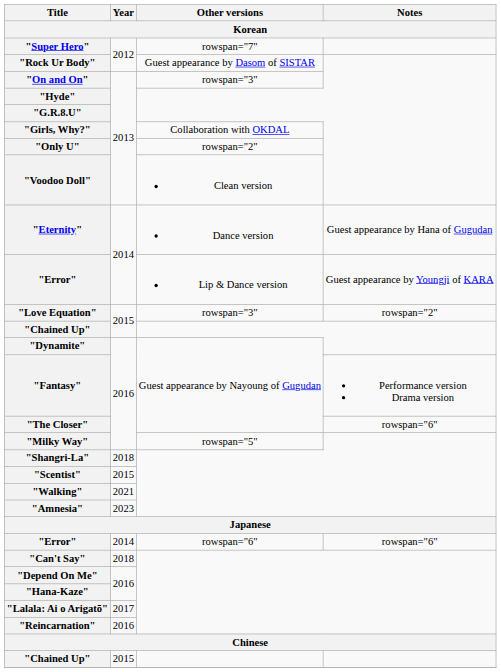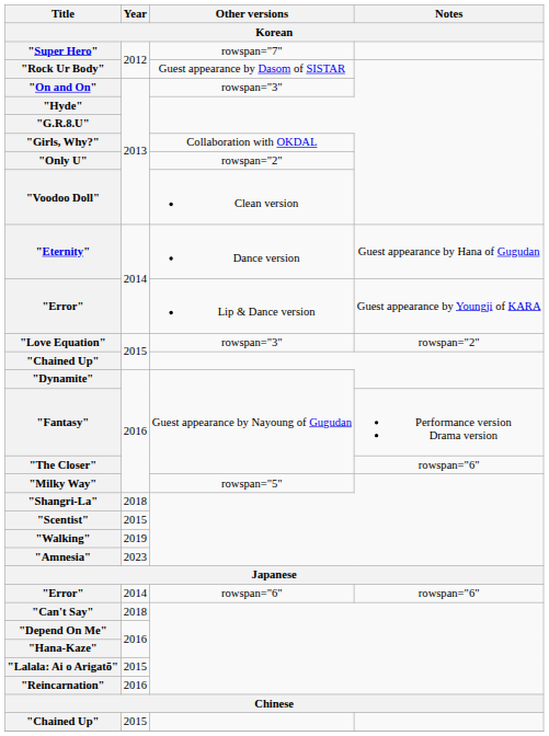 <table class="wikitable plainrowheaders" style="text-align:center">
 <tr>
 <th scope="col">Title</th>
 <th scope="col">Year</th>
 <th scope="col">Other versions</th>
 <th scope="col">Notes</th>
 </tr>
 <tr>
 <th colspan="4">Korean</th>
 </tr>
 <tr>
 <th scope="row">"<a href='#'>Super Hero</a>"</th>
 <td rowspan=2>2012</td>
 <td>rowspan="7" </td>
 <td></td>
 </tr>
 <tr>
 <th scope="row">"Rock Ur Body"</th>
 <td>Guest appearance by <a href='#'>Dasom</a> of <a href='#'>SISTAR</a></td>
 </tr>
 <tr>
 <th scope="row">"<a href='#'>On and On</a>"</th>
 <td rowspan=6>2013</td>
 <td>rowspan="3" </td>
 </tr>
 <tr>
 <th scope="row">"Hyde"</th>
 </tr>
 <tr>
 <th scope="row">"G.R.8.U"</th>
 </tr>
 <tr>
 <th scope="row">"Girls, Why?"</th>
 <td>Collaboration with <a href='#'>OKDAL</a></td>
 </tr>
 <tr>
 <th scope="row">"Only U"</th>
 <td>rowspan="2" </td>
 </tr>
 <tr>
 <th scope="row">"Voodoo Doll"</th>
 <td><br><ul><li>Clean version</li></ul></td>
 </tr>
 <tr>
 <th scope="row">"<a href='#'>Eternity</a>"</th>
 <td rowspan=2>2014</td>
 <td><br><ul><li>Dance version</li></ul></td>
 <td>Guest appearance by Hana of <a href='#'>Gugudan</a></td>
 </tr>
 <tr>
 <th scope="row">"Error"</th>
 <td><br><ul><li>Lip & Dance version</li></ul></td>
 <td>Guest appearance by <a href='#'>Youngji</a> of <a href='#'>KARA</a></td>
 </tr>
 <tr>
 <th scope="row">"Love Equation"</th>
 <td rowspan=2>2015</td>
 <td>rowspan="3" </td>
 <td>rowspan="2" </td>
 </tr>
 <tr>
 <th scope="row">"Chained Up"</th>
 </tr>
 <tr>
 <th scope="row">"Dynamite"</th>
 <td rowspan=4>2016</td>
 <td rowspan=3>Guest appearance by Nayoung of <a href='#'>Gugudan</a></td>
 </tr>
 <tr>
 <th scope="row">"Fantasy"</th>
 <td><br><ul><li>Performance version</li><li>Drama version</li></ul></td>
 </tr>
 <tr>
 <th scope="row">"The Closer"</th>
 <td>rowspan="6" </td>
 </tr>
 <tr>
 <th scope="row">"Milky Way"</th>
 <td>rowspan="5" </td>
 </tr>
 <tr>
 <th scope="row">"Shangri-La"</th>
 <td>2018</td>
 </tr>
 <tr>
 <th scope="row">"Scentist"</th>
 <td>2015</td>
 </tr>
 <tr>
 <th scope="row">"Walking"</th>
-<td>2021</td>
+<td>2019</td>
 </tr>
 <tr>
 <th scope="row">"Amnesia"</th>
 <td>2023</td>
 </tr>
 <tr>
 <th colspan="5">Japanese</th>
 </tr>
 <tr>
 <th scope="row">"Error"</th>
 <td>2014</td>
 <td>rowspan="6" </td>
 <td>rowspan="6" </td>
 </tr>
 <tr>
 <th scope="row">"Can't Say"</th>
 <td>2018</td>
 </tr>
 <tr>
 <th scope="row">"Depend On Me"</th>
 <td rowspan=2>2016</td>
 </tr>
 <tr>
 <th scope="row">"Hana-Kaze"</th>
 </tr>
 <tr>
 <th scope="row">"Lalala: Ai o Arigatō"</th>
-<td>2017</td>
+<td>2015</td>
 </tr>
 <tr>
 <th scope="row">"Reincarnation"</th>
 <td>2016</td>
 </tr>
 <tr>
 <th colspan="4">Chinese</th>
 </tr>
 <tr>
 <th scope="row">"Chained Up"</th>
 <td>2015</td>
 <td></td>
 <td></td>
 </tr>
 <tr>
 </tr>
 </table>
